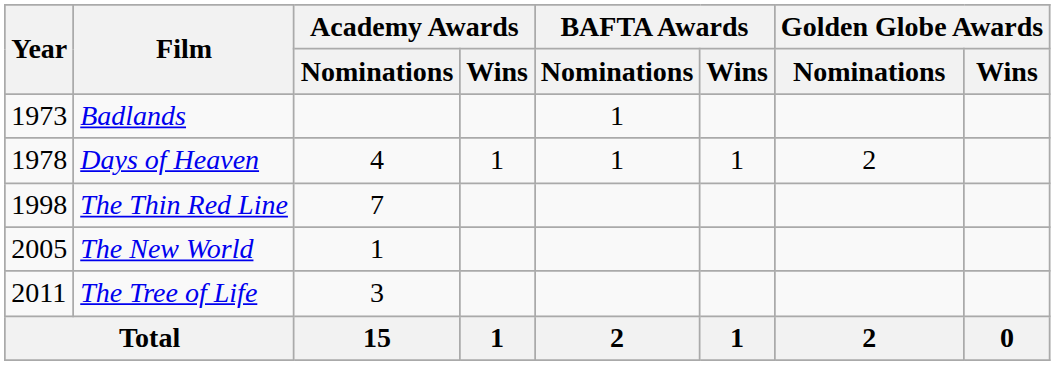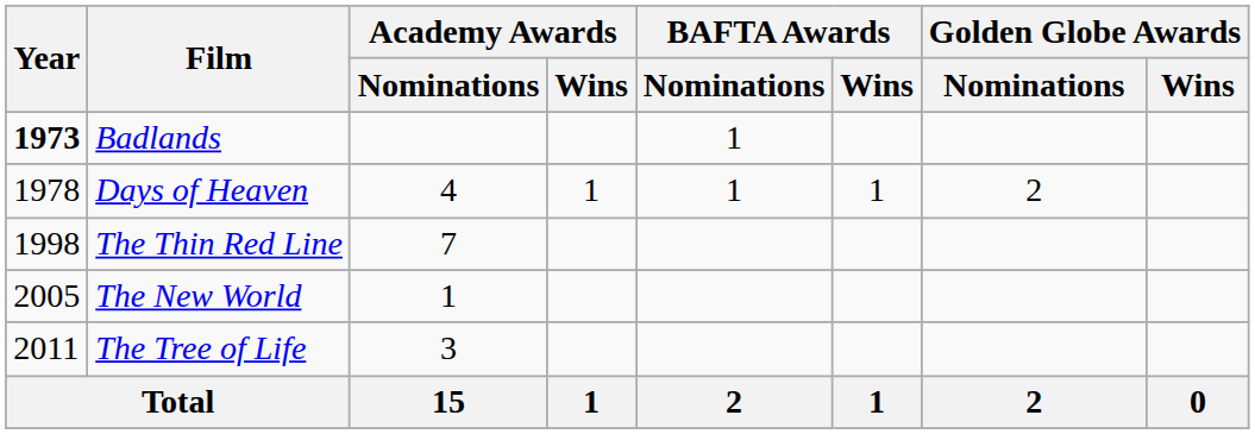 <table class="wikitable sortable">
 <tr>
 <th rowspan="2">Year</th>
 <th rowspan="2">Film</th>
 <th colspan="2" style="text-align:center;">Academy Awards</th>
 <th colspan="2" style="text-align:center;">BAFTA Awards</th>
 <th colspan="2" style="text-align:center;">Golden Globe Awards</th>
 </tr>
 <tr>
 <th>Nominations</th>
 <th>Wins</th>
 <th>Nominations</th>
 <th>Wins</th>
 <th>Nominations</th>
 <th>Wins</th>
 </tr>
 <tr>
-<td>1973</td>
+<td><strong>1973</strong></td>
 <td><em><a href='#'>Badlands</a></em></td>
 <td></td>
 <td></td>
 <td align=center>1</td>
 <td></td>
 <td></td>
 <td></td>
 </tr>
 <tr>
 <td>1978</td>
 <td><em><a href='#'>Days of Heaven</a></em></td>
 <td align=center>4</td>
 <td align=center>1</td>
 <td align=center>1</td>
 <td align=center>1</td>
 <td align=center>2</td>
 <td></td>
 </tr>
 <tr>
 <td>1998</td>
 <td><em><a href='#'>The Thin Red Line</a></em></td>
 <td align=center>7</td>
 <td></td>
 <td></td>
 <td></td>
 <td></td>
 <td></td>
 </tr>
 <tr>
 <td>2005</td>
 <td><em><a href='#'>The New World</a></em></td>
 <td align=center>1</td>
 <td></td>
 <td></td>
 <td></td>
 <td></td>
 <td></td>
 </tr>
 <tr>
 <td>2011</td>
 <td><em><a href='#'>The Tree of Life</a></em></td>
 <td align=center>3</td>
 <td></td>
 <td></td>
 <td></td>
 <td></td>
 <td></td>
 </tr>
 <tr>
 <th colspan="2"><strong>Total</strong></th>
 <th align=center>15</th>
 <th align=center>1</th>
 <th align=center>2</th>
 <th align=center>1</th>
 <th align=center>2</th>
 <th align=center>0</th>
 </tr>
 </table>
